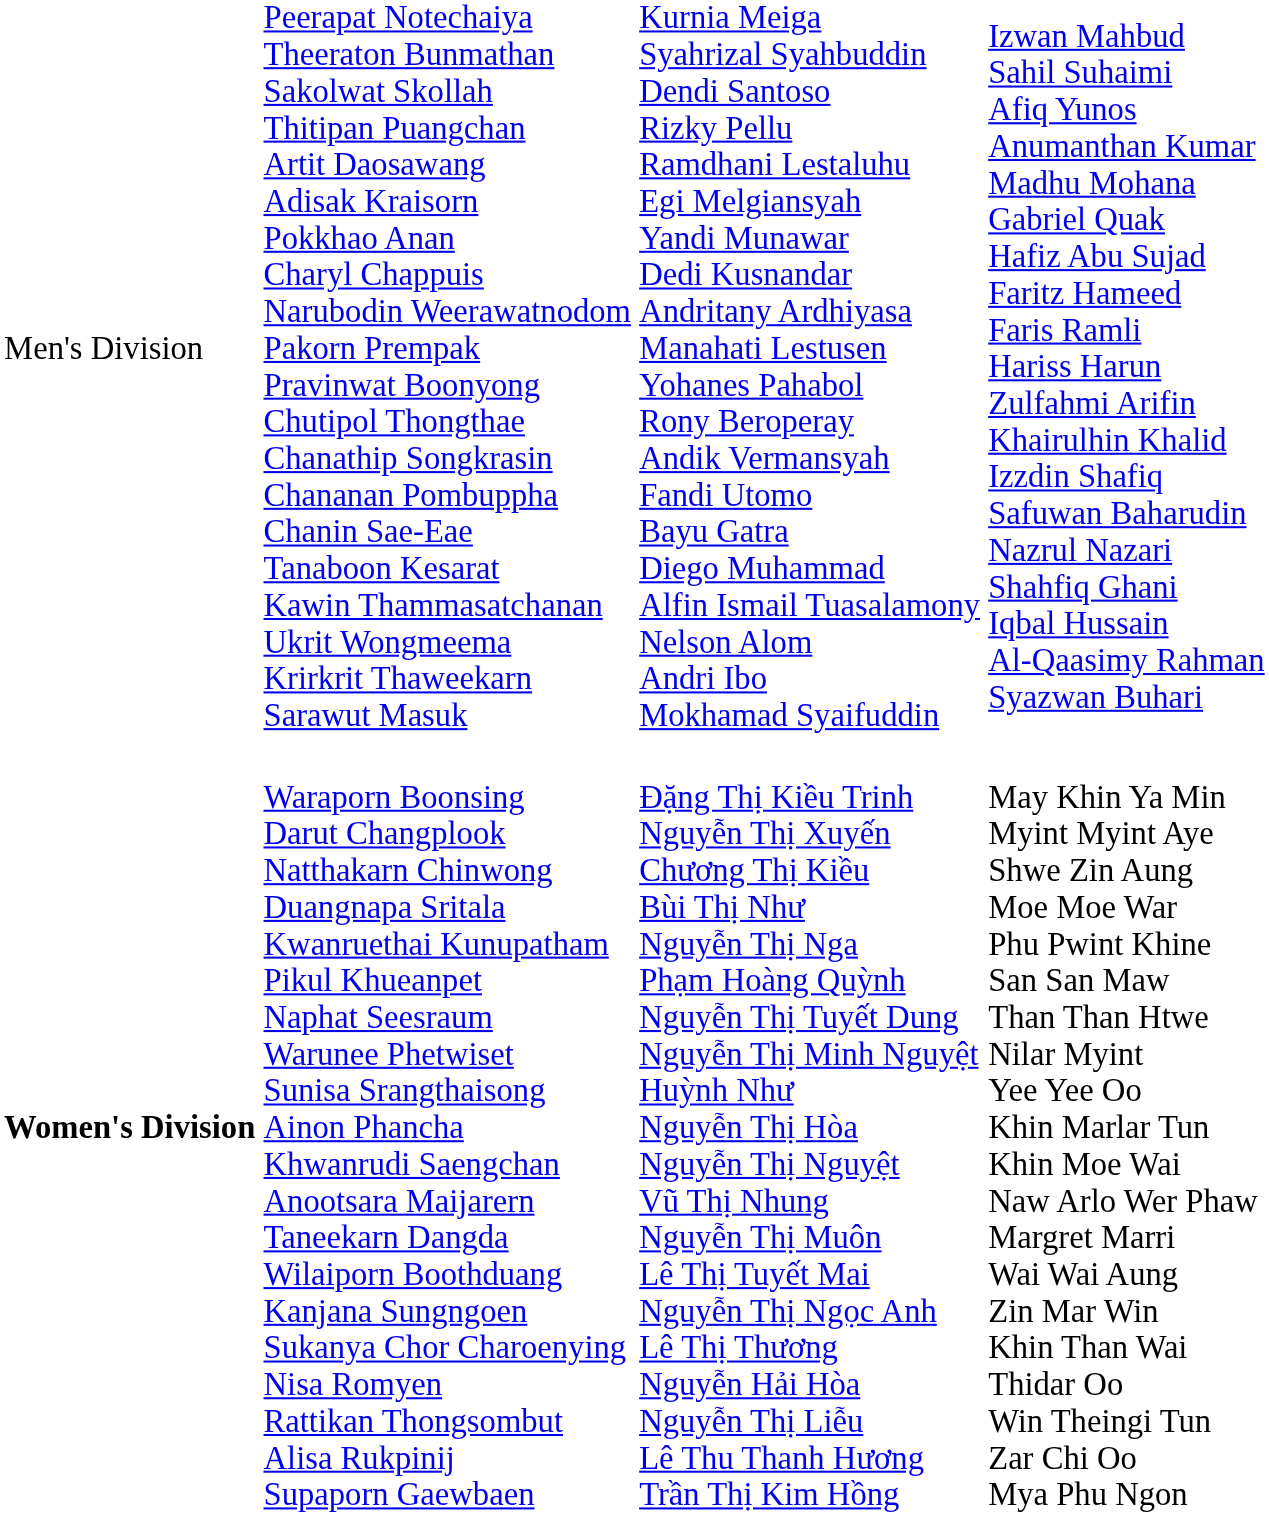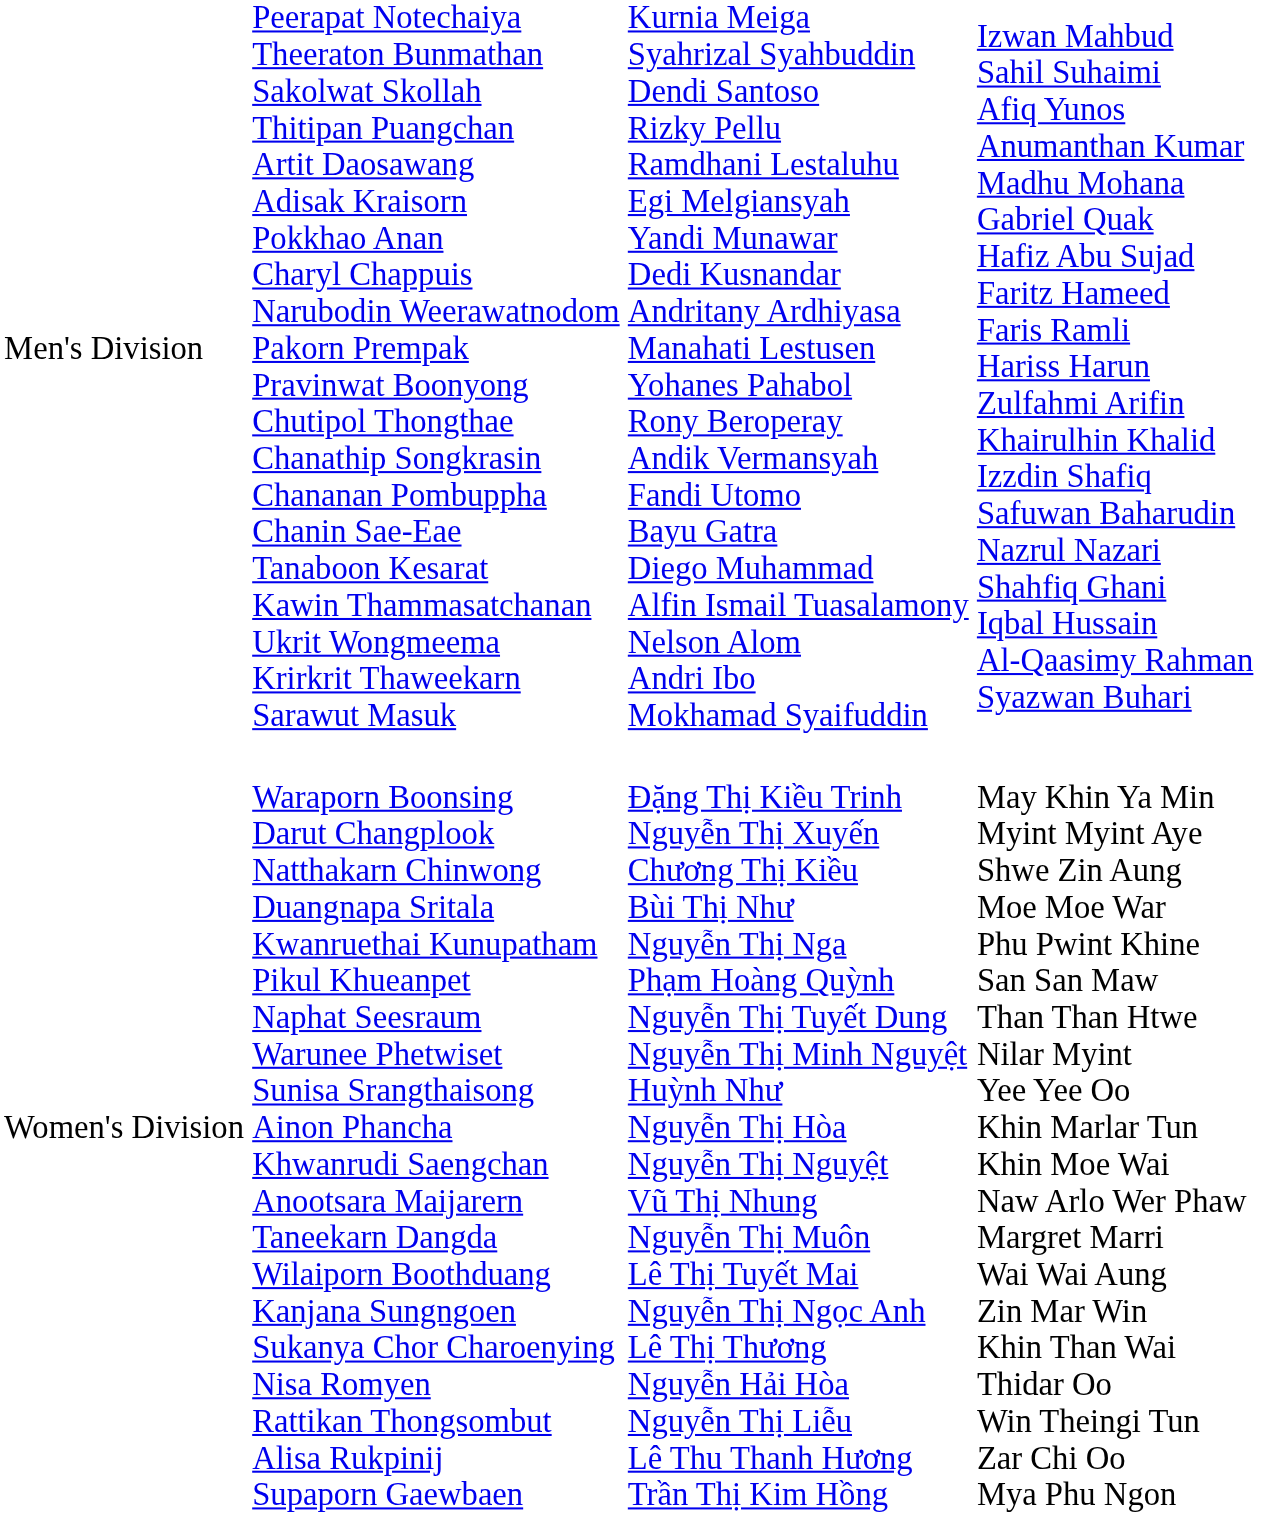 <table>
 <tr>
 <td>Men's Division</td>
 <td><br><a href='#'>Peerapat Notechaiya</a><br><a href='#'>Theeraton Bunmathan</a><br><a href='#'>Sakolwat Skollah</a><br><a href='#'>Thitipan Puangchan</a><br><a href='#'>Artit Daosawang</a><br><a href='#'>Adisak Kraisorn</a><br><a href='#'>Pokkhao Anan</a><br><a href='#'>Charyl Chappuis</a><br><a href='#'>Narubodin Weerawatnodom</a><br><a href='#'>Pakorn Prempak</a><br><a href='#'>Pravinwat Boonyong</a><br><a href='#'>Chutipol Thongthae</a><br><a href='#'>Chanathip Songkrasin</a><br><a href='#'>Chananan Pombuppha</a><br><a href='#'>Chanin Sae-Eae</a><br><a href='#'>Tanaboon Kesarat</a><br><a href='#'>Kawin Thammasatchanan</a><br><a href='#'>Ukrit Wongmeema</a><br><a href='#'>Krirkrit Thaweekarn</a><br><a href='#'>Sarawut Masuk</a></td>
 <td><br><a href='#'>Kurnia Meiga</a><br><a href='#'>Syahrizal Syahbuddin</a><br><a href='#'>Dendi Santoso</a><br><a href='#'>Rizky Pellu</a><br><a href='#'>Ramdhani Lestaluhu</a><br><a href='#'>Egi Melgiansyah</a><br><a href='#'>Yandi Munawar</a><br><a href='#'>Dedi Kusnandar</a><br><a href='#'>Andritany Ardhiyasa</a><br><a href='#'>Manahati Lestusen</a><br><a href='#'>Yohanes Pahabol</a><br><a href='#'>Rony Beroperay</a><br><a href='#'>Andik Vermansyah</a><br><a href='#'>Fandi Utomo</a><br><a href='#'>Bayu Gatra</a><br><a href='#'>Diego Muhammad</a><br><a href='#'>Alfin Ismail Tuasalamony</a><br><a href='#'>Nelson Alom</a><br><a href='#'>Andri Ibo</a><br><a href='#'>Mokhamad Syaifuddin</a></td>
 <td><br><a href='#'>Izwan Mahbud</a><br><a href='#'>Sahil Suhaimi</a><br><a href='#'>Afiq Yunos</a><br><a href='#'>Anumanthan Kumar</a><br><a href='#'>Madhu Mohana</a><br><a href='#'>Gabriel Quak</a><br><a href='#'>Hafiz Abu Sujad</a><br><a href='#'>Faritz Hameed</a><br><a href='#'>Faris Ramli</a><br><a href='#'>Hariss Harun</a><br><a href='#'>Zulfahmi Arifin</a><br><a href='#'>Khairulhin Khalid</a><br><a href='#'>Izzdin Shafiq</a><br><a href='#'>Safuwan Baharudin</a><br><a href='#'>Nazrul Nazari</a><br><a href='#'>Shahfiq Ghani</a><br><a href='#'>Iqbal Hussain</a><br><a href='#'>Al-Qaasimy Rahman</a><br><a href='#'>Syazwan Buhari</a></td>
 </tr>
 <tr>
-<td><strong>Women's Division</strong></td>
+<td>Women's Division</td>
 <td><br><a href='#'>Waraporn Boonsing</a><br><a href='#'>Darut Changplook</a><br><a href='#'>Natthakarn Chinwong</a><br><a href='#'>Duangnapa Sritala</a><br><a href='#'>Kwanruethai Kunupatham</a><br><a href='#'>Pikul Khueanpet</a><br><a href='#'>Naphat Seesraum</a><br><a href='#'>Warunee Phetwiset</a><br><a href='#'>Sunisa Srangthaisong</a><br><a href='#'>Ainon Phancha</a><br><a href='#'>Khwanrudi Saengchan</a><br><a href='#'>Anootsara Maijarern</a><br><a href='#'>Taneekarn Dangda</a><br><a href='#'>Wilaiporn Boothduang</a><br><a href='#'>Kanjana Sungngoen</a><br><a href='#'>Sukanya Chor Charoenying</a><br><a href='#'>Nisa Romyen</a><br><a href='#'>Rattikan Thongsombut</a><br><a href='#'>Alisa Rukpinij</a><br><a href='#'>Supaporn Gaewbaen</a></td>
 <td><br><a href='#'>Đặng Thị Kiều Trinh</a><br><a href='#'>Nguyễn Thị Xuyến</a><br><a href='#'>Chương Thị Kiều</a><br><a href='#'>Bùi Thị Như</a><br><a href='#'>Nguyễn Thị Nga</a><br><a href='#'>Phạm Hoàng Quỳnh</a><br><a href='#'>Nguyễn Thị Tuyết Dung</a><br><a href='#'>Nguyễn Thị Minh Nguyệt</a><br><a href='#'>Huỳnh Như</a><br><a href='#'>Nguyễn Thị Hòa</a><br><a href='#'>Nguyễn Thị Nguyệt</a><br><a href='#'>Vũ Thị Nhung</a><br><a href='#'>Nguyễn Thị Muôn</a><br><a href='#'>Lê Thị Tuyết Mai</a><br><a href='#'>Nguyễn Thị Ngọc Anh</a><br><a href='#'>Lê Thị Thương</a><br><a href='#'>Nguyễn Hải Hòa</a><br><a href='#'>Nguyễn Thị Liễu</a><br><a href='#'>Lê Thu Thanh Hương</a><br><a href='#'>Trần Thị Kim Hồng</a></td>
 <td><br>May Khin Ya Min<br>Myint Myint Aye<br>Shwe Zin Aung<br>Moe Moe War<br>Phu Pwint Khine<br>San San Maw<br>Than Than Htwe<br>Nilar Myint<br>Yee Yee Oo<br>Khin Marlar Tun<br>Khin Moe Wai<br>Naw Arlo Wer Phaw<br>Margret Marri<br>Wai Wai Aung<br>Zin Mar Win<br>Khin Than Wai<br>Thidar Oo<br>Win Theingi Tun<br>Zar Chi Oo<br>Mya Phu Ngon</td>
 </tr>
 </table>
